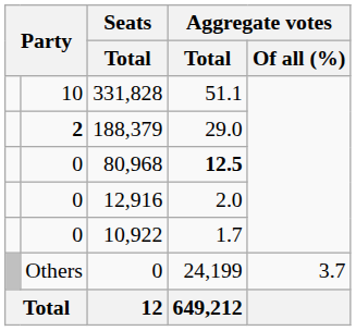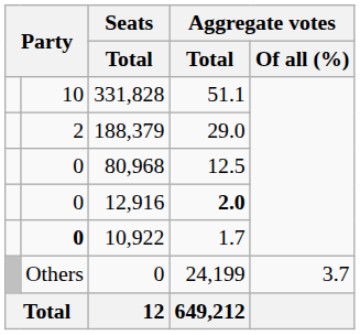 <table class="wikitable" style="text-align:right; font-size:95%;">
 <tr>
 <th colspan="2" rowspan="2">Party</th>
 <th>Seats</th>
 <th colspan="2">Aggregate votes</th>
 </tr>
 <tr>
 <th>Total</th>
 <th>Total</th>
 <th>Of all (%)</th>
 </tr>
 <tr>
 <td></td>
 <td>10</td>
 <td>331,828</td>
 <td>51.1</td>
 </tr>
 <tr>
 <td></td>
-<td><strong>2</strong></td>
+<td>2</td>
 <td>188,379</td>
 <td>29.0</td>
 </tr>
 <tr>
 <td></td>
 <td>0</td>
 <td>80,968</td>
-<td><strong>12.5</strong></td>
+<td>12.5</td>
 </tr>
 <tr>
 <td></td>
 <td>0</td>
 <td>12,916</td>
-<td>2.0</td>
+<td><strong>2.0</strong></td>
 </tr>
 <tr>
 <td></td>
-<td>0</td>
+<td><strong>0</strong></td>
 <td>10,922</td>
 <td>1.7</td>
 </tr>
 <tr>
 <td style="background:silver;"> </td>
 <td align=left>Others</td>
 <td>0</td>
 <td>24,199</td>
 <td>3.7</td>
 </tr>
 <tr>
 <th colspan="2" style="background:#f2f2f2"><strong>Total</strong></th>
 <td style="background:#f2f2f2;"><strong>12</strong></td>
 <td style="background:#f2f2f2;"><strong>649,212</strong></td>
 <td style="background:#f2f2f2;"></td>
 </tr>
 </table>
